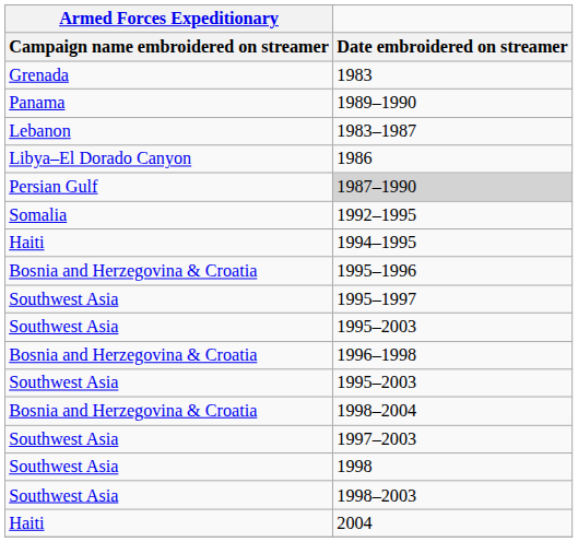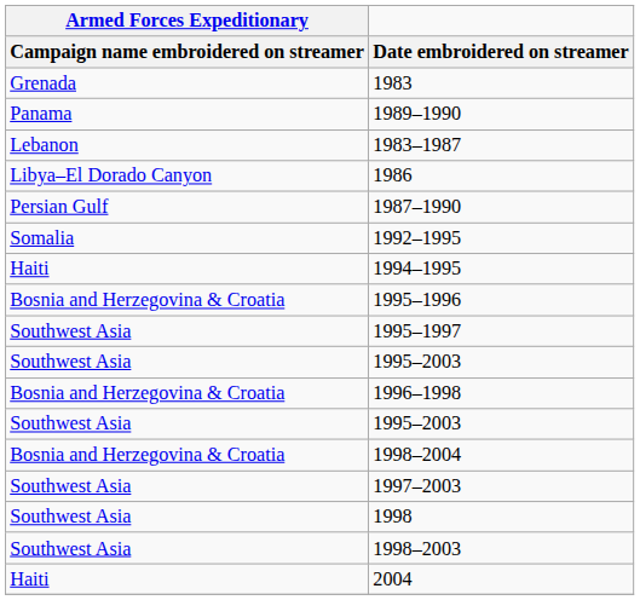 <table class="wikitable">
 <tr>
 <th><a href='#'>Armed Forces Expeditionary</a></th>
 <td colspan="2"></td>
 </tr>
 <tr>
 <th>Campaign name embroidered on streamer</th>
 <th>Date embroidered on streamer</th>
 </tr>
 <tr>
 <td><a href='#'>Grenada</a></td>
 <td>1983</td>
 </tr>
 <tr>
 <td><a href='#'>Panama</a></td>
 <td>1989–1990</td>
 </tr>
 <tr>
 <td><a href='#'>Lebanon</a></td>
 <td>1983–1987</td>
 </tr>
 <tr>
 <td><a href='#'>Libya–El Dorado Canyon</a></td>
 <td>1986</td>
 </tr>
 <tr>
 <td><a href='#'>Persian Gulf</a></td>
-<td style="background: lightgrey;">1987–1990</td>
+<td>1987–1990</td>
 </tr>
 <tr>
 <td><a href='#'>Somalia</a></td>
 <td>1992–1995</td>
 </tr>
 <tr>
 <td><a href='#'>Haiti</a></td>
 <td>1994–1995</td>
 </tr>
 <tr>
 <td><a href='#'>Bosnia and Herzegovina & Croatia</a></td>
 <td>1995–1996</td>
 </tr>
 <tr>
 <td><a href='#'>Southwest Asia</a></td>
 <td>1995–1997</td>
 </tr>
 <tr>
 <td><a href='#'>Southwest Asia</a></td>
 <td>1995–2003</td>
 </tr>
 <tr>
 <td><a href='#'>Bosnia and Herzegovina & Croatia</a></td>
 <td>1996–1998</td>
 </tr>
 <tr>
 <td><a href='#'>Southwest Asia</a></td>
 <td>1995–2003</td>
 </tr>
 <tr>
 <td><a href='#'>Bosnia and Herzegovina & Croatia</a></td>
 <td>1998–2004</td>
 </tr>
 <tr>
 <td><a href='#'>Southwest Asia</a></td>
 <td>1997–2003</td>
 </tr>
 <tr>
 <td><a href='#'>Southwest Asia</a></td>
 <td>1998</td>
 </tr>
 <tr>
 <td><a href='#'>Southwest Asia</a></td>
 <td>1998–2003</td>
 </tr>
 <tr>
 <td><a href='#'>Haiti</a></td>
 <td>2004</td>
 </tr>
 <tr>
 </tr>
 </table>
